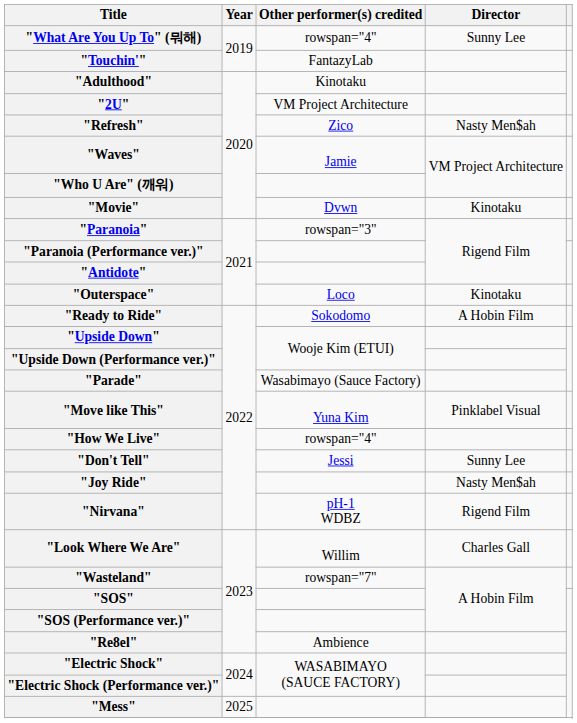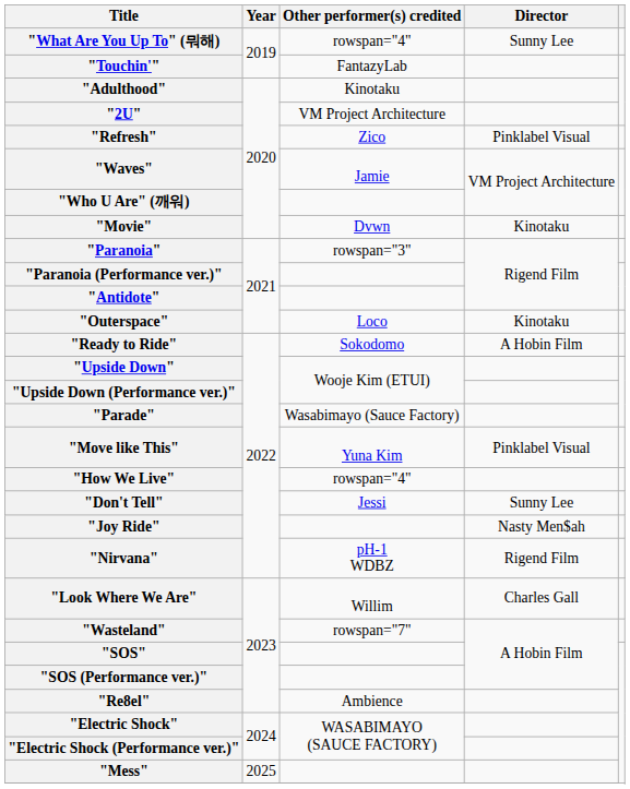 <table class="wikitable sortable plainrowheaders" style="text-align:center;">
 <tr>
 <th scope="col">Title</th>
 <th scope="col">Year</th>
 <th scope="col">Other performer(s) credited</th>
 <th scope="col">Director</th>
 <th scope="col" class="unsortable"></th>
 </tr>
 <tr>
 <th scope="row">"<a href='#'>What Are You Up To</a>" (뭐해)</th>
 <td rowspan="2">2019</td>
 <td>rowspan="4" </td>
 <td>Sunny Lee</td>
 <td></td>
 </tr>
 <tr>
 <th scope="row">"<a href='#'>Touchin'</a>"</th>
 <td>FantazyLab</td>
 <td></td>
 </tr>
 <tr>
 <th scope="row">"Adulthood"</th>
 <td rowspan="6">2020</td>
 <td>Kinotaku</td>
 <td></td>
 </tr>
 <tr>
 <th scope="row">"<a href='#'>2U</a>"</th>
 <td>VM Project Architecture</td>
 <td></td>
 </tr>
 <tr>
 <th scope="row">"Refresh"</th>
 <td><a href='#'>Zico</a></td>
-<td>Nasty Men$ah</td>
+<td>Pinklabel Visual</td>
 <td></td>
 </tr>
 <tr>
 <th scope="row">"Waves"</th>
 <td><br><a href='#'>Jamie</a></td>
 <td rowspan="2">VM Project Architecture</td>
 <td rowspan="2"></td>
 </tr>
 <tr>
 <th scope="row">"Who U Are" (깨워)</th>
 <td></td>
 </tr>
 <tr>
 <th scope="row">"Movie"</th>
 <td><a href='#'>Dvwn</a></td>
 <td>Kinotaku</td>
 <td></td>
 </tr>
 <tr>
 <th scope="row">"<a href='#'>Paranoia</a>"</th>
 <td rowspan="4">2021</td>
 <td>rowspan="3" </td>
 <td rowspan="3">Rigend Film</td>
 <td></td>
 </tr>
 <tr>
 <th scope="row">"Paranoia (Performance ver.)"</th>
 <td></td>
 </tr>
 <tr>
 <th scope="row">"<a href='#'>Antidote</a>"</th>
 <td></td>
 </tr>
 <tr>
 <th scope="row">"Outerspace"</th>
 <td><a href='#'>Loco</a></td>
 <td>Kinotaku</td>
 <td></td>
 </tr>
 <tr>
 <th scope="row">"Ready to Ride"</th>
 <td rowspan="9">2022</td>
 <td><a href='#'>Sokodomo</a></td>
 <td>A Hobin Film</td>
 <td></td>
 </tr>
 <tr>
 <th scope="row">"<a href='#'>Upside Down</a>"</th>
 <td rowspan="2">Wooje Kim (ETUI)</td>
 <td></td>
 </tr>
 <tr>
 <th scope="row">"Upside Down (Performance ver.)"</th>
 <td></td>
 </tr>
 <tr>
 <th scope="row">"Parade"</th>
 <td>Wasabimayo (Sauce Factory)</td>
 <td></td>
 </tr>
 <tr>
 <th scope="row">"Move like This"</th>
 <td><br><a href='#'>Yuna Kim</a></td>
 <td>Pinklabel Visual</td>
 <td></td>
 </tr>
 <tr>
 <th scope="row">"How We Live"</th>
 <td>rowspan="4" </td>
 <td></td>
 <td></td>
 </tr>
 <tr>
 <th scope="row">"Don't Tell"</th>
 <td><a href='#'>Jessi</a></td>
 <td>Sunny Lee</td>
 <td></td>
 </tr>
 <tr>
 <th scope="row">"Joy Ride"</th>
 <td></td>
 <td>Nasty Men$ah</td>
 <td></td>
 </tr>
 <tr>
 <th scope="row">"Nirvana"</th>
 <td><a href='#'>pH-1</a><br>WDBZ</td>
 <td>Rigend Film</td>
 <td></td>
 </tr>
 <tr>
 <th scope="row">"Look Where We Are"</th>
 <td rowspan="5">2023</td>
 <td><br>Willim</td>
 <td>Charles Gall</td>
 <td></td>
 </tr>
 <tr>
 <th scope="row">"Wasteland"</th>
 <td>rowspan="7" </td>
 <td rowspan="3">A Hobin Film</td>
 <td></td>
 </tr>
 <tr>
 <th scope="row">"SOS"</th>
 <td></td>
 </tr>
 <tr>
 <th scope="row">"SOS (Performance ver.)"</th>
 <td></td>
 </tr>
 <tr>
 <th scope="row">"Re8el"</th>
 <td>Ambience</td>
 <td></td>
 </tr>
 <tr>
 <th scope="row">"Electric Shock"</th>
 <td rowspan="2">2024</td>
 <td rowspan="2">WASABIMAYO<br>(SAUCE FACTORY)</td>
 <td></td>
 </tr>
 <tr>
 <th scope="row">"Electric Shock (Performance ver.)"</th>
 <td></td>
 </tr>
 <tr>
 <th scope="row">"Mess"</th>
 <td>2025</td>
 <td></td>
 <td></td>
 </tr>
 <tr>
 </tr>
 </table>
